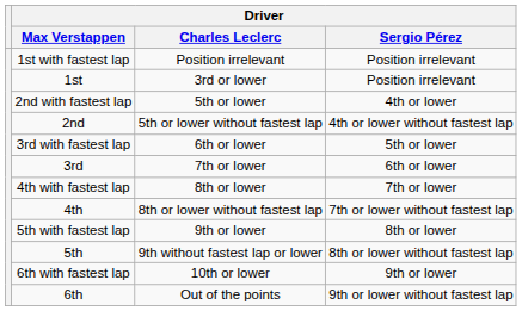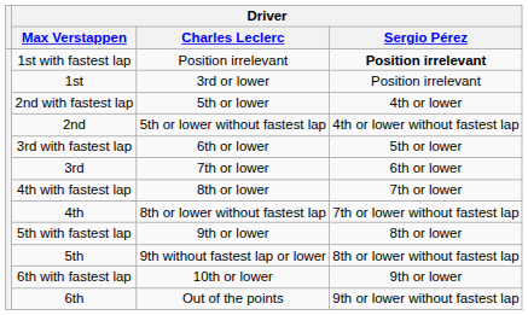 <table class="wikitable" style="text-align:center; font-size:85%">
 <tr>
 <th rowspan="2"></th>
 <th colspan="3">Driver</th>
 </tr>
 <tr>
 <th> <a href='#'>Max Verstappen</a></th>
 <th> <a href='#'>Charles Leclerc</a></th>
 <th> <a href='#'>Sergio Pérez</a></th>
 </tr>
 <tr>
 <th rowspan="12"></th>
 <td>1st with fastest lap</td>
 <td>Position irrelevant</td>
-<td>Position irrelevant</td>
+<td><strong>Position irrelevant</strong></td>
 </tr>
 <tr>
 <td>1st</td>
 <td>3rd or lower</td>
 <td>Position irrelevant</td>
 </tr>
 <tr>
 <td>2nd with fastest lap</td>
 <td>5th or lower</td>
 <td>4th or lower</td>
 </tr>
 <tr>
 <td>2nd</td>
 <td>5th or lower without fastest lap</td>
 <td>4th or lower without fastest lap</td>
 </tr>
 <tr>
 <td>3rd with fastest lap</td>
 <td>6th or lower</td>
 <td>5th or lower</td>
 </tr>
 <tr>
 <td>3rd</td>
 <td>7th or lower</td>
 <td>6th or lower</td>
 </tr>
 <tr>
 <td>4th with fastest lap</td>
 <td>8th or lower</td>
 <td>7th or lower</td>
 </tr>
 <tr>
 <td>4th</td>
 <td>8th or lower without fastest lap</td>
 <td>7th or lower without fastest lap</td>
 </tr>
 <tr>
 <td>5th with fastest lap</td>
 <td>9th or lower</td>
 <td>8th or lower</td>
 </tr>
 <tr>
 <td>5th</td>
 <td>9th without fastest lap or lower</td>
 <td>8th or lower without fastest lap</td>
 </tr>
 <tr>
 <td>6th with fastest lap</td>
 <td>10th or lower</td>
 <td>9th or lower</td>
 </tr>
 <tr>
 <td>6th</td>
 <td>Out of the points</td>
 <td>9th or lower without fastest lap</td>
 </tr>
 </table>
